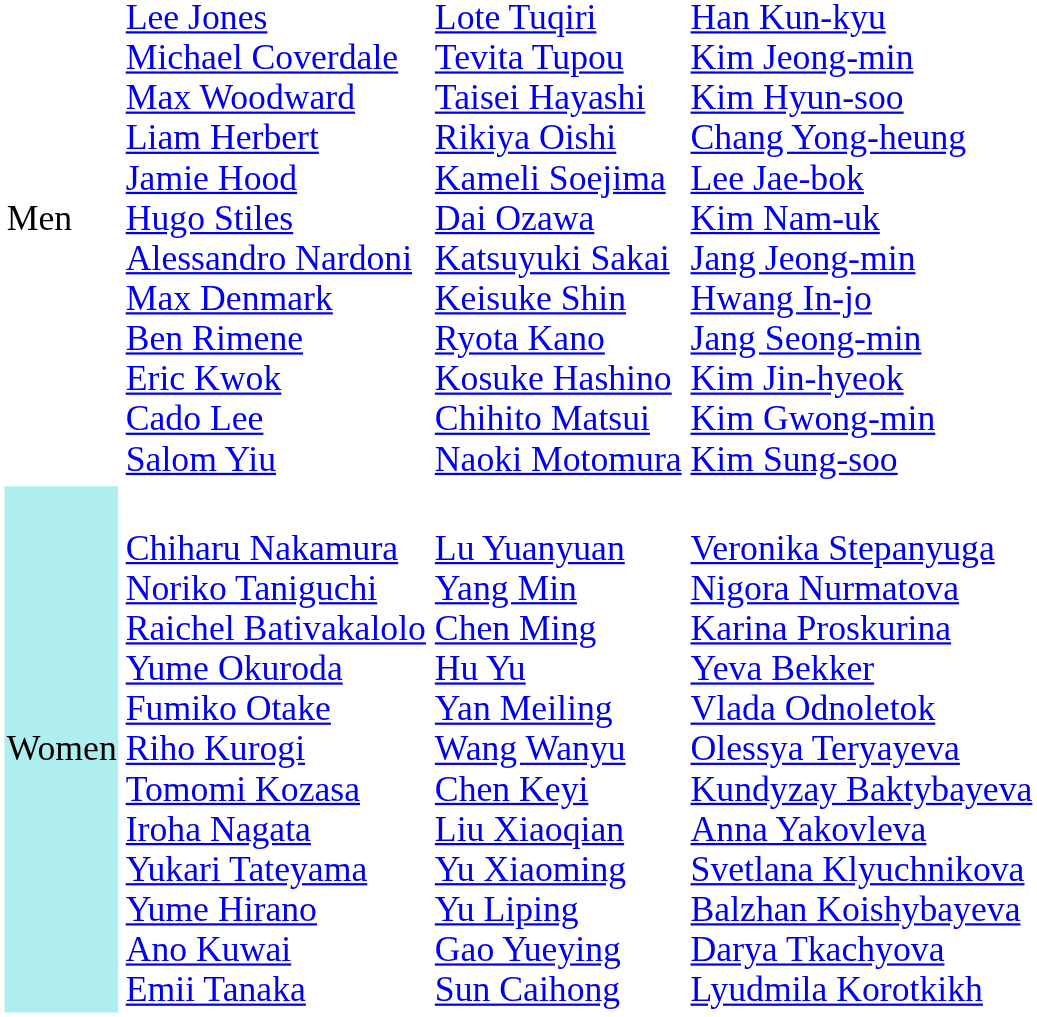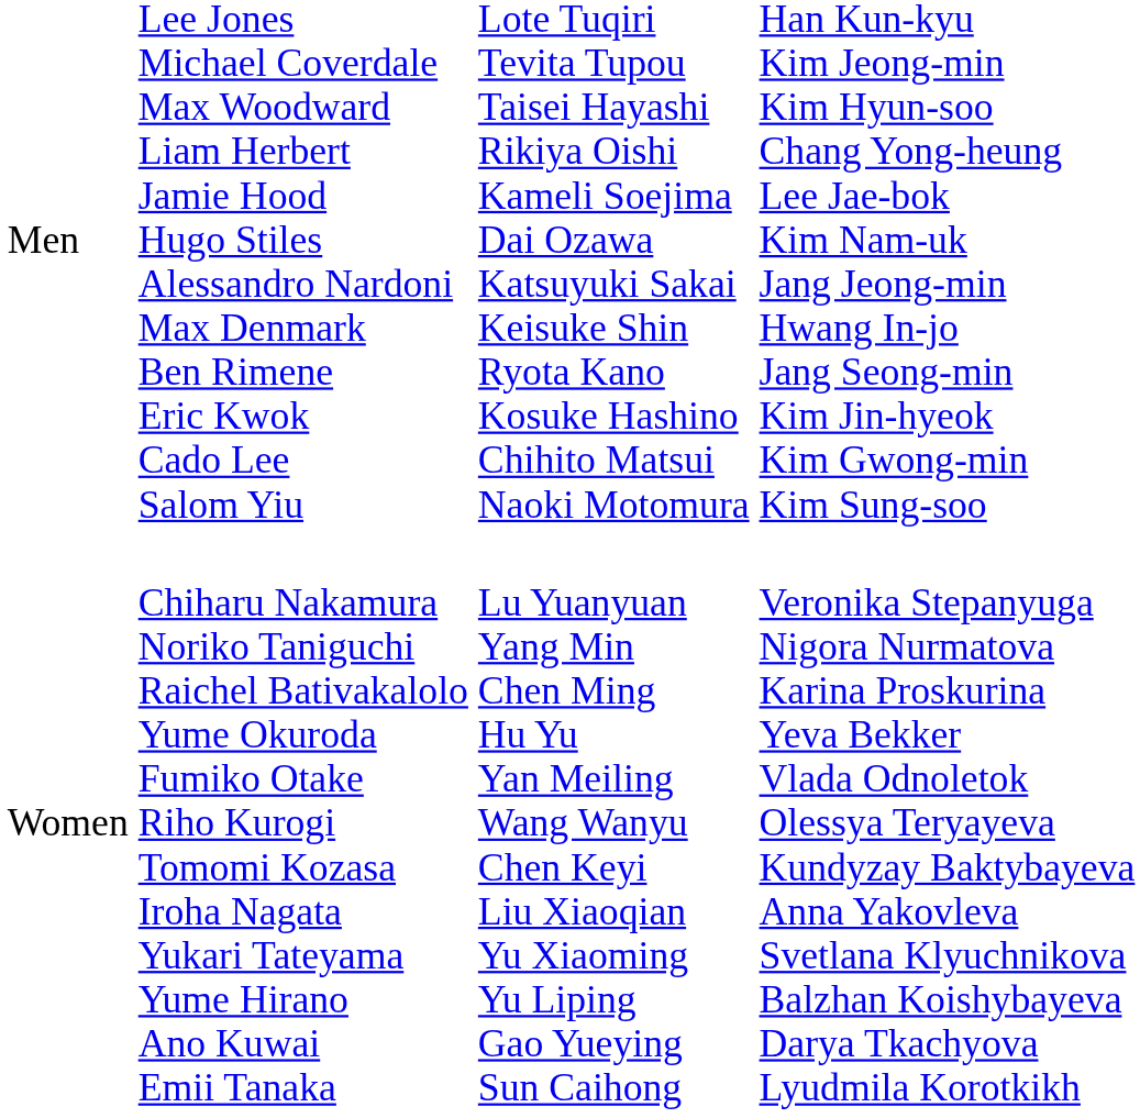 <table>
 <tr>
 <td>Men<br></td>
 <td><br><a href='#'>Lee Jones</a><br><a href='#'>Michael Coverdale</a><br><a href='#'>Max Woodward</a><br><a href='#'>Liam Herbert</a><br><a href='#'>Jamie Hood</a><br><a href='#'>Hugo Stiles</a><br><a href='#'>Alessandro Nardoni</a><br><a href='#'>Max Denmark</a><br><a href='#'>Ben Rimene</a><br><a href='#'>Eric Kwok</a><br><a href='#'>Cado Lee</a><br><a href='#'>Salom Yiu</a></td>
 <td><br><a href='#'>Lote Tuqiri</a><br><a href='#'>Tevita Tupou</a><br><a href='#'>Taisei Hayashi</a><br><a href='#'>Rikiya Oishi</a><br><a href='#'>Kameli Soejima</a><br><a href='#'>Dai Ozawa</a><br><a href='#'>Katsuyuki Sakai</a><br><a href='#'>Keisuke Shin</a><br><a href='#'>Ryota Kano</a><br><a href='#'>Kosuke Hashino</a><br><a href='#'>Chihito Matsui</a><br><a href='#'>Naoki Motomura</a></td>
 <td><br><a href='#'>Han Kun-kyu</a><br><a href='#'>Kim Jeong-min</a><br><a href='#'>Kim Hyun-soo</a><br><a href='#'>Chang Yong-heung</a><br><a href='#'>Lee Jae-bok</a><br><a href='#'>Kim Nam-uk</a><br><a href='#'>Jang Jeong-min</a><br><a href='#'>Hwang In-jo</a><br><a href='#'>Jang Seong-min</a><br><a href='#'>Kim Jin-hyeok</a><br><a href='#'>Kim Gwong-min</a><br><a href='#'>Kim Sung-soo</a></td>
 </tr>
 <tr>
-<td style="background: paleturquoise;">Women<br></td>
+<td>Women<br></td>
 <td><br><a href='#'>Chiharu Nakamura</a><br><a href='#'>Noriko Taniguchi</a><br><a href='#'>Raichel Bativakalolo</a><br><a href='#'>Yume Okuroda</a><br><a href='#'>Fumiko Otake</a><br><a href='#'>Riho Kurogi</a><br><a href='#'>Tomomi Kozasa</a><br><a href='#'>Iroha Nagata</a><br><a href='#'>Yukari Tateyama</a><br><a href='#'>Yume Hirano</a><br><a href='#'>Ano Kuwai</a><br><a href='#'>Emii Tanaka</a></td>
 <td><br><a href='#'>Lu Yuanyuan</a><br><a href='#'>Yang Min</a><br><a href='#'>Chen Ming</a><br><a href='#'>Hu Yu</a><br><a href='#'>Yan Meiling</a><br><a href='#'>Wang Wanyu</a><br><a href='#'>Chen Keyi</a><br><a href='#'>Liu Xiaoqian</a><br><a href='#'>Yu Xiaoming</a><br><a href='#'>Yu Liping</a><br><a href='#'>Gao Yueying</a><br><a href='#'>Sun Caihong</a></td>
 <td><br><a href='#'>Veronika Stepanyuga</a><br><a href='#'>Nigora Nurmatova</a><br><a href='#'>Karina Proskurina</a><br><a href='#'>Yeva Bekker</a><br><a href='#'>Vlada Odnoletok</a><br><a href='#'>Olessya Teryayeva</a><br><a href='#'>Kundyzay Baktybayeva</a><br><a href='#'>Anna Yakovleva</a><br><a href='#'>Svetlana Klyuchnikova</a><br><a href='#'>Balzhan Koishybayeva</a><br><a href='#'>Darya Tkachyova</a><br><a href='#'>Lyudmila Korotkikh</a></td>
 </tr>
 </table>
